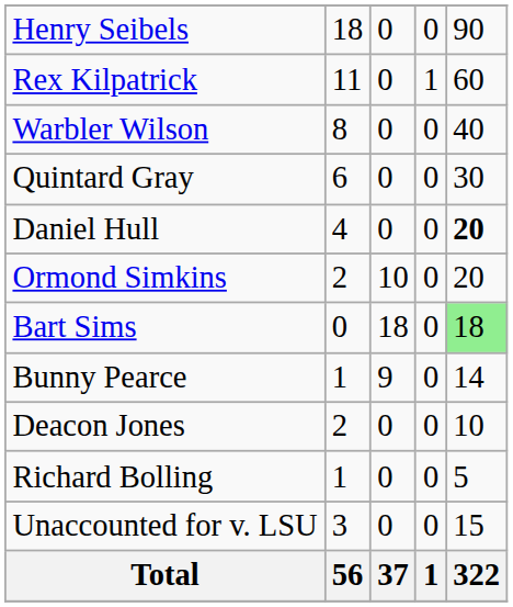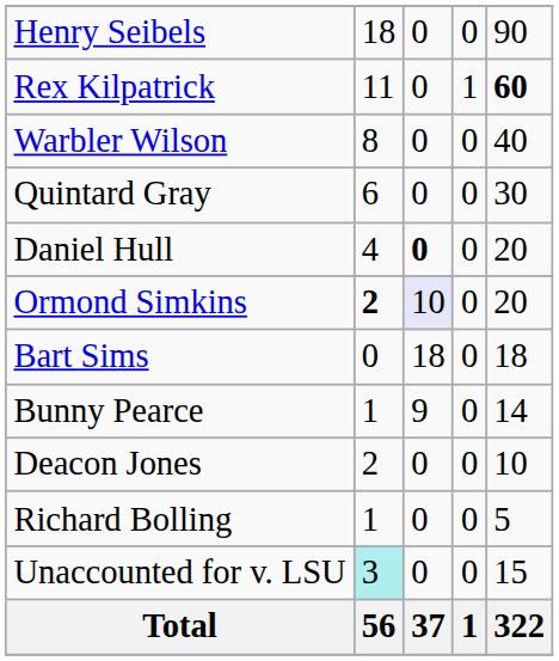 <table class="wikitable">
 <tr>
 </tr>
 <tr>
 <td><a href='#'>Henry Seibels</a></td>
 <td>18</td>
 <td>0</td>
 <td>0</td>
 <td>90</td>
 </tr>
 <tr>
 <td><a href='#'>Rex Kilpatrick</a></td>
 <td>11</td>
 <td>0</td>
 <td>1</td>
-<td>60</td>
+<td><strong>60</strong></td>
 </tr>
 <tr>
 <td><a href='#'>Warbler Wilson</a></td>
 <td>8</td>
 <td>0</td>
 <td>0</td>
 <td>40</td>
 </tr>
 <tr>
 <td>Quintard Gray</td>
 <td>6</td>
 <td>0</td>
 <td>0</td>
 <td>30</td>
 </tr>
 <tr>
 <td>Daniel Hull</td>
 <td>4</td>
+<td><strong>0</strong></td>
 <td>0</td>
-<td>0</td>
-<td><strong>20</strong></td>
+<td>20</td>
 </tr>
 <tr>
 <td><a href='#'>Ormond Simkins</a></td>
-<td>2</td>
-<td>10</td>
+<td><strong>2</strong></td>
+<td style="background: lavender;">10</td>
 <td>0</td>
 <td>20</td>
 </tr>
 <tr>
 <td><a href='#'>Bart Sims</a></td>
 <td>0</td>
 <td>18</td>
 <td>0</td>
-<td style="background: lightgreen;">18</td>
+<td>18</td>
 </tr>
 <tr>
 <td>Bunny Pearce</td>
 <td>1</td>
 <td>9</td>
 <td>0</td>
 <td>14</td>
 </tr>
 <tr>
 <td>Deacon Jones</td>
 <td>2</td>
 <td>0</td>
 <td>0</td>
 <td>10</td>
 </tr>
 <tr>
 <td>Richard Bolling</td>
 <td>1</td>
 <td>0</td>
 <td>0</td>
 <td>5</td>
 </tr>
 <tr>
 <td>Unaccounted for v. LSU</td>
-<td>3</td>
+<td style="background: paleturquoise;">3</td>
 <td>0</td>
 <td>0</td>
 <td>15</td>
 </tr>
 <tr>
 <th>Total</th>
 <th>56</th>
 <th>37</th>
 <th>1</th>
 <th>322</th>
 </tr>
 <tr>
 </tr>
 </table>
